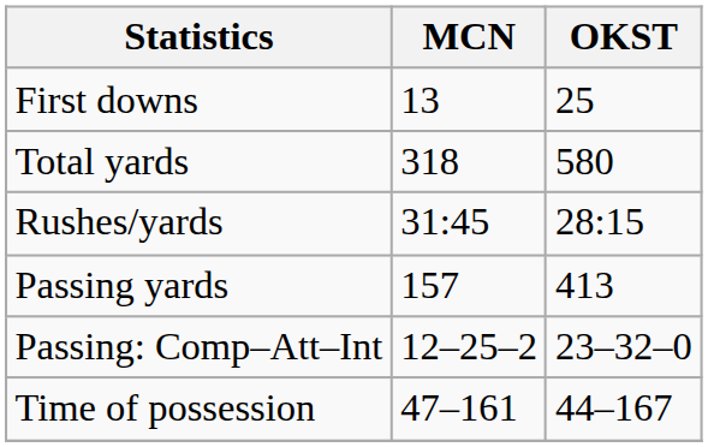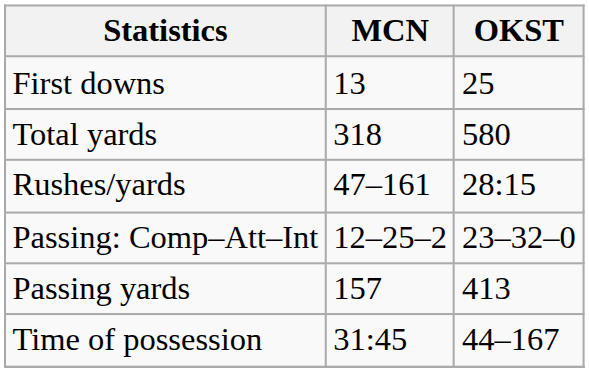 <table class="wikitable" style="float: left;">
 <tr>
 <th>Statistics</th>
 <th>MCN</th>
 <th>OKST</th>
 </tr>
 <tr>
 <td>First downs</td>
 <td>13</td>
 <td>25</td>
 </tr>
 <tr>
 <td>Total yards</td>
 <td>318</td>
 <td>580</td>
 </tr>
 <tr>
 <td>Rushes/yards</td>
-<td>31:45</td>
+<td>47–161</td>
 <td>28:15</td>
+</tr>
+<tr>
+<td>Passing: Comp–Att–Int</td>
+<td>12–25–2</td>
+<td>23–32–0</td>
 </tr>
 <tr>
 <td>Passing yards</td>
 <td>157</td>
 <td>413</td>
 </tr>
 <tr>
-<td>Passing: Comp–Att–Int</td>
-<td>12–25–2</td>
-<td>23–32–0</td>
-</tr>
-<tr>
 <td>Time of possession</td>
-<td>47–161</td>
+<td>31:45</td>
 <td>44–167</td>
 </tr>
 <tr>
 </tr>
 </table>
